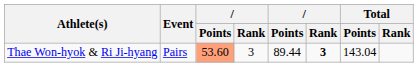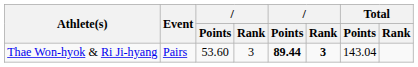 <table class="wikitable">
 <tr>
 <th rowspan="2">Athlete(s)</th>
 <th rowspan="2">Event</th>
 <th colspan="2">/</th>
 <th colspan="2">/</th>
 <th colspan="2">Total</th>
 </tr>
 <tr>
 <th>Points</th>
 <th>Rank</th>
 <th>Points</th>
 <th>Rank</th>
 <th>Points</th>
 <th>Rank</th>
 </tr>
 <tr>
 <td><a href='#'>Thae Won-hyok</a> & <a href='#'>Ri Ji-hyang</a></td>
 <td><a href='#'>Pairs</a></td>
-<td style="background: lightsalmon; text-align:center;">53.60</td>
+<td style="text-align:center;">53.60</td>
 <td style="text-align:center;">3</td>
-<td style="text-align:center;">89.44</td>
+<td style="text-align:center;"><strong>89.44</strong></td>
 <td style="text-align:center;"><strong>3</strong></td>
 <td style="text-align:center;">143.04</td>
 <td style="text-align:center;"></td>
 </tr>
 </table>
